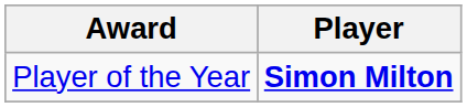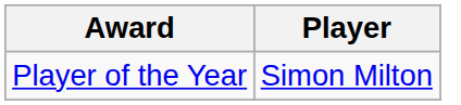 <table class="wikitable" style="text-align:center">
 <tr>
 <th width=0%>Award</th>
 <th width=0%>Player</th>
 </tr>
 <tr>
 <td><a href='#'>Player of the Year</a></td>
-<td><strong> <a href='#'>Simon Milton</a></strong></td>
+<td> <a href='#'>Simon Milton</a></td>
 </tr>
 </table>
